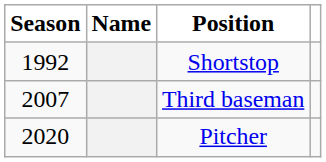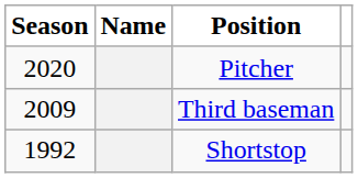 <table class="wikitable sortable plainrowheaders" style="text-align:center">
 <tr>
 <th scope="col" style="background-color:#ffffff; border-top:#">Season</th>
 <th scope="col" style="background-color:#ffffff; border-top:#">Name</th>
 <th scope="col" style="background-color:#ffffff; border-top:#">Position</th>
 <th scope="col" class="unsortable" style="background-color:#ffffff; border-top:#"></th>
 </tr>
 <tr>
+<td>2020</td>
+<th scope="row" style="text-align:center"></th>
+<td><a href='#'>Pitcher</a></td>
+<td></td>
+</tr>
+<tr>
+<td>2009</td>
+<th scope="row" style="text-align:center"></th>
+<td><a href='#'>Third baseman</a></td>
+<td></td>
+</tr>
+<tr>
 <td>1992</td>
 <th scope="row" style="text-align:center"></th>
 <td><a href='#'>Shortstop</a></td>
 <td></td>
 </tr>
-<tr>
-<td>2007</td>
-<th scope="row" style="text-align:center"></th>
-<td><a href='#'>Third baseman</a></td>
-<td></td>
-</tr>
-<tr>
-<td>2020</td>
-<th scope="row" style="text-align:center"></th>
-<td><a href='#'>Pitcher</a></td>
-<td></td>
-</tr>
 </table>
